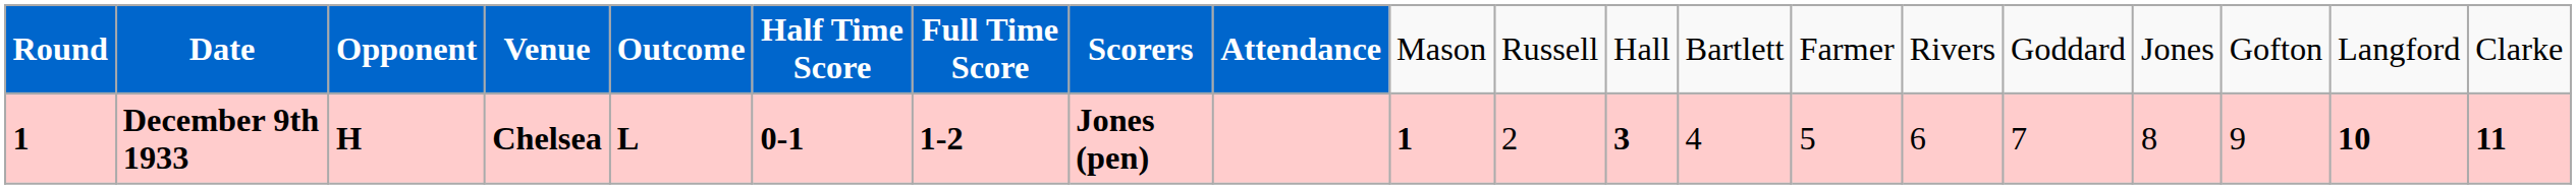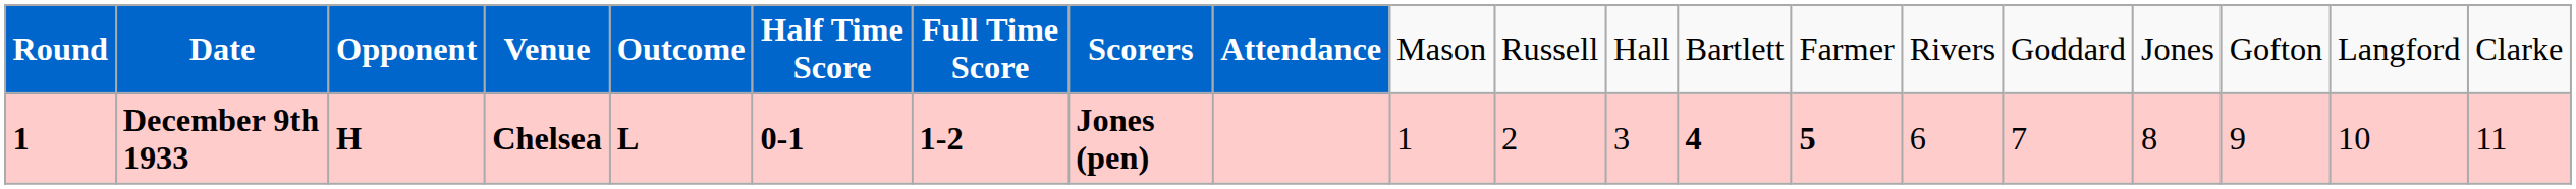 <table class="wikitable">
 <tr>
 <th ! style="background:#0066CC; color:#FFFFFF; text-align:center;">Round</th>
 <th ! style="background:#0066CC; color:#FFFFFF; text-align:center;">Date</th>
 <th ! style="background:#0066CC; color:#FFFFFF; text-align:center;">Opponent</th>
 <th ! style="background:#0066CC; color:#FFFFFF; text-align:center;">Venue</th>
 <th ! style="background:#0066CC; color:#FFFFFF; text-align:center;">Outcome</th>
 <th ! style="background:#0066CC; color:#FFFFFF; text-align:center;">Half Time Score</th>
 <th ! style="background:#0066CC; color:#FFFFFF; text-align:center;">Full Time Score</th>
 <th ! style="background:#0066CC; color:#FFFFFF; text-align:center;">Scorers</th>
 <th ! style="background:#0066CC; color:#FFFFFF; text-align:center;">Attendance</th>
 <td>Mason</td>
 <td>Russell</td>
 <td>Hall</td>
 <td>Bartlett</td>
 <td>Farmer</td>
 <td>Rivers</td>
 <td>Goddard</td>
 <td>Jones</td>
 <td>Gofton</td>
 <td>Langford</td>
 <td>Clarke</td>
 </tr>
 <tr bgcolor="#FFCCCC">
 <td><strong>1</strong></td>
 <td><strong>December 9th 1933</strong></td>
 <td><strong>H</strong></td>
 <td><strong>Chelsea</strong></td>
 <td><strong>L</strong></td>
 <td><strong>0-1</strong></td>
 <td><strong>1-2</strong></td>
 <td><strong>Jones (pen)</strong></td>
 <td></td>
-<td><strong>1</strong></td>
+<td>1</td>
 <td>2</td>
-<td><strong>3</strong></td>
-<td>4</td>
-<td>5</td>
+<td>3</td>
+<td><strong>4</strong></td>
+<td><strong>5</strong></td>
 <td>6</td>
 <td>7</td>
 <td>8</td>
 <td>9</td>
-<td><strong>10</strong></td>
-<td><strong>11</strong></td>
+<td>10</td>
+<td>11</td>
 </tr>
 </table>
